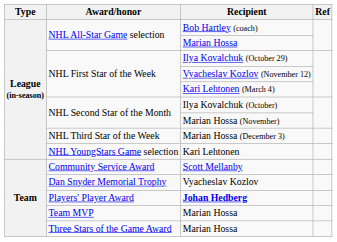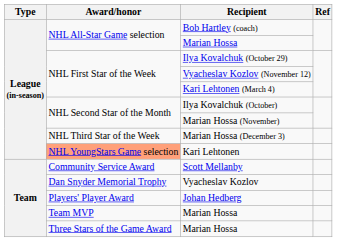 <table class="wikitable">
 <tr>
 <th scope="col">Type</th>
 <th scope="col">Award/honor</th>
 <th scope="col">Recipient</th>
 <th scope="col">Ref</th>
 </tr>
 <tr>
 <th scope="row" rowspan="9">League<br><small>(in-season)</small></th>
 <td rowspan="2"><a href='#'>NHL All-Star Game</a> selection</td>
 <td><a href='#'>Bob Hartley</a> <small>(coach)</small></td>
 <td rowspan="2"></td>
 </tr>
 <tr>
 <td><a href='#'>Marian Hossa</a></td>
 </tr>
 <tr>
 <td rowspan="3">NHL First Star of the Week</td>
 <td><a href='#'>Ilya Kovalchuk</a> <small>(October 29)</small></td>
 <td rowspan="3"></td>
 </tr>
 <tr>
 <td><a href='#'>Vyacheslav Kozlov</a> <small>(November 12)</small></td>
 </tr>
 <tr>
 <td><a href='#'>Kari Lehtonen</a> <small>(March 4)</small></td>
 </tr>
 <tr>
 <td rowspan="2">NHL Second Star of the Month</td>
 <td>Ilya Kovalchuk <small>(October)</small></td>
 <td rowspan="2"></td>
 </tr>
 <tr>
 <td>Marian Hossa <small>(November)</small></td>
 </tr>
 <tr>
 <td>NHL Third Star of the Week</td>
 <td>Marian Hossa <small>(December 3)</small></td>
 <td></td>
 </tr>
 <tr>
-<td><a href='#'>NHL YoungStars Game</a> selection</td>
+<td style="background: lightsalmon;"><a href='#'>NHL YoungStars Game</a> selection</td>
 <td>Kari Lehtonen</td>
 <td></td>
 </tr>
 <tr>
 <th scope="row" rowspan="6">Team</th>
 <td><a href='#'>Community Service Award</a></td>
 <td><a href='#'>Scott Mellanby</a></td>
 <td></td>
 </tr>
 <tr>
 <td><a href='#'>Dan Snyder Memorial Trophy</a></td>
 <td>Vyacheslav Kozlov</td>
 <td></td>
 </tr>
 <tr>
 <td><a href='#'>Players' Player Award</a></td>
-<td><strong><a href='#'>Johan Hedberg</a></strong></td>
+<td><a href='#'>Johan Hedberg</a></td>
 <td></td>
 </tr>
 <tr>
 <td><a href='#'>Team MVP</a></td>
 <td>Marian Hossa</td>
 <td></td>
 </tr>
 <tr>
 <td><a href='#'>Three Stars of the Game Award</a></td>
 <td>Marian Hossa</td>
 <td></td>
 </tr>
 </table>
